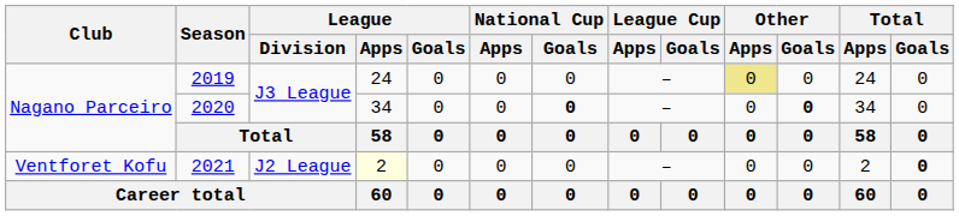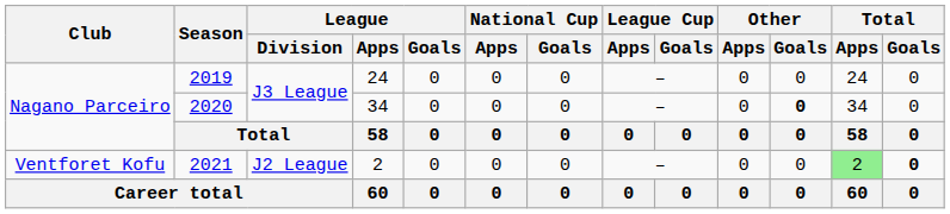 <table class="wikitable" style="text-align: center">
 <tr>
 <th rowspan="2">Club</th>
 <th rowspan="2">Season</th>
 <th colspan="3">League</th>
 <th colspan="2">National Cup</th>
 <th colspan="2">League Cup</th>
 <th colspan="2">Other</th>
 <th colspan="2">Total</th>
 </tr>
 <tr>
 <th>Division</th>
 <th>Apps</th>
 <th>Goals</th>
 <th>Apps</th>
 <th>Goals</th>
 <th>Apps</th>
 <th>Goals</th>
 <th>Apps</th>
 <th>Goals</th>
 <th>Apps</th>
 <th>Goals</th>
 </tr>
 <tr>
 <td rowspan="3"><a href='#'>Nagano Parceiro</a></td>
 <td><a href='#'>2019</a></td>
 <td rowspan="2"><a href='#'>J3 League</a></td>
 <td>24</td>
 <td>0</td>
 <td>0</td>
 <td>0</td>
 <td colspan="2">–</td>
-<td style="background: khaki;">0</td>
+<td>0</td>
 <td>0</td>
 <td>24</td>
 <td>0</td>
 </tr>
 <tr>
 <td><a href='#'>2020</a></td>
 <td>34</td>
 <td>0</td>
 <td>0</td>
-<td><strong>0</strong></td>
+<td>0</td>
 <td colspan="2">–</td>
 <td>0</td>
 <td><strong>0</strong></td>
 <td>34</td>
 <td>0</td>
 </tr>
 <tr>
 <th colspan=2>Total</th>
 <th>58</th>
 <th>0</th>
 <th>0</th>
 <th>0</th>
 <th>0</th>
 <th>0</th>
 <th>0</th>
 <th>0</th>
 <th>58</th>
 <th>0</th>
 </tr>
 <tr>
 <td><a href='#'>Ventforet Kofu</a></td>
 <td><a href='#'>2021</a></td>
 <td><a href='#'>J2 League</a></td>
-<td style="background: lightyellow;">2</td>
+<td>2</td>
 <td>0</td>
 <td>0</td>
 <td>0</td>
 <td colspan="2">–</td>
 <td>0</td>
 <td>0</td>
-<td>2</td>
+<td style="background: lightgreen;">2</td>
 <td><strong>0</strong></td>
 </tr>
 <tr>
 <th colspan=3>Career total</th>
 <th>60</th>
 <th>0</th>
 <th>0</th>
 <th>0</th>
 <th>0</th>
 <th>0</th>
 <th>0</th>
 <th>0</th>
 <th>60</th>
 <th>0</th>
 </tr>
 </table>
